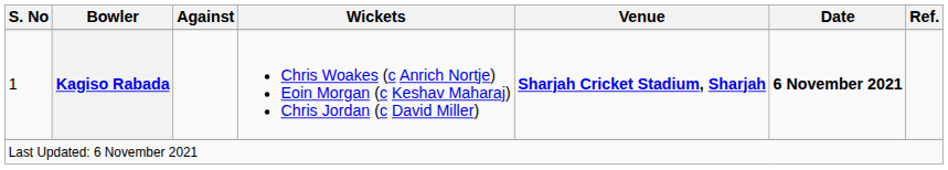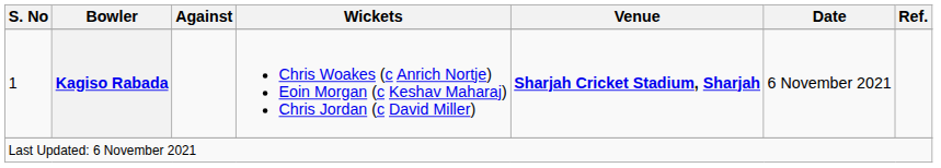 <table class="wikitable sortable plainrowheaders" border="1">
 <tr>
 <th>S. No</th>
 <th>Bowler</th>
 <th>Against</th>
 <th class="unsortable">Wickets</th>
 <th>Venue</th>
 <th>Date</th>
 <th>Ref.</th>
 </tr>
 <tr>
 </tr>
 <tr>
 <td>1</td>
 <th scope="row" style="text-align:center"><a href='#'>Kagiso Rabada</a></th>
 <td></td>
 <td><br><ul><li><a href='#'>Chris Woakes</a> (<a href='#'>c</a> <a href='#'>Anrich Nortje</a>)</li><li><a href='#'>Eoin Morgan</a> (<a href='#'>c</a> <a href='#'>Keshav Maharaj</a>)</li><li><a href='#'>Chris Jordan</a> (<a href='#'>c</a> <a href='#'>David Miller</a>)</li></ul></td>
 <td><strong> <a href='#'>Sharjah Cricket Stadium</a>, <a href='#'>Sharjah</a></strong></td>
-<td><strong>6 November 2021</strong></td>
+<td>6 November 2021</td>
 <td></td>
 </tr>
 <tr>
 </tr>
 <tr class=sortbottom>
 <td colspan=7><small>Last Updated: 6 November 2021</small></td>
 </tr>
 </table>
